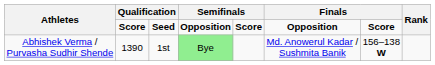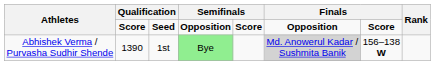 <table class="wikitable" style="text-align:center;">
 <tr>
 <th rowspan="2">Athletes</th>
 <th colspan="2">Qualification</th>
 <th colspan="2">Semifinals</th>
 <th colspan="2">Finals</th>
 <th rowspan="2">Rank</th>
 </tr>
 <tr>
 <td><strong>Score</strong></td>
 <td><strong>Seed</strong></td>
 <td><strong>Opposition</strong></td>
 <td><strong>Score</strong></td>
 <td><strong>Opposition</strong></td>
 <td><strong>Score</strong></td>
 </tr>
 <tr>
 <td><a href='#'>Abhishek Verma</a> /<br><a href='#'>Purvasha Sudhir Shende</a></td>
 <td>1390</td>
 <td>1st</td>
 <td style="background: lightgreen;">Bye</td>
 <td></td>
-<td><a href='#'>Md. Anowerul Kadar</a> /<br><a href='#'>Sushmita Banik</a><br></td>
+<td style="background: lightgrey;"><a href='#'>Md. Anowerul Kadar</a> /<br><a href='#'>Sushmita Banik</a><br></td>
 <td>156–138<br><strong>W</strong></td>
 <td></td>
 </tr>
 </table>
